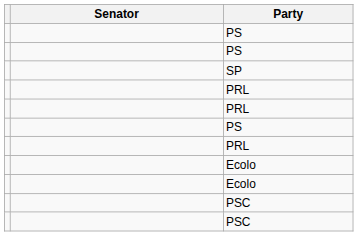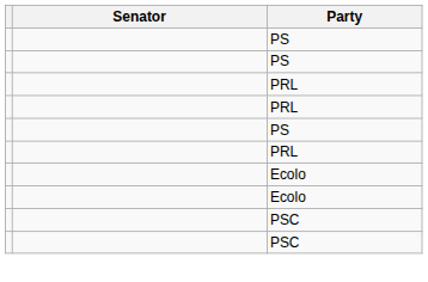 <table class="sortable wikitable" style="text-align:left; font-size:90%;">
 <tr>
 <th></th>
 <th width="250">Senator</th>
 <th width="150">Party</th>
 </tr>
 <tr>
 <td></td>
 <td></td>
 <td>PS</td>
 </tr>
 <tr>
 <td></td>
 <td></td>
 <td>PS</td>
-</tr>
-<tr>
-<td></td>
-<td></td>
-<td>SP</td>
 </tr>
 <tr>
 <td></td>
 <td></td>
 <td>PRL</td>
 </tr>
 <tr>
 <td></td>
 <td></td>
 <td>PRL</td>
 </tr>
 <tr>
 <td></td>
 <td></td>
 <td>PS</td>
 </tr>
 <tr>
 <td></td>
 <td></td>
 <td>PRL</td>
 </tr>
 <tr>
 <td></td>
 <td></td>
 <td>Ecolo</td>
 </tr>
 <tr>
 <td></td>
 <td></td>
 <td>Ecolo</td>
 </tr>
 <tr>
 <td></td>
 <td></td>
 <td>PSC</td>
 </tr>
 <tr>
 <td></td>
 <td></td>
 <td>PSC</td>
 </tr>
 </table>
